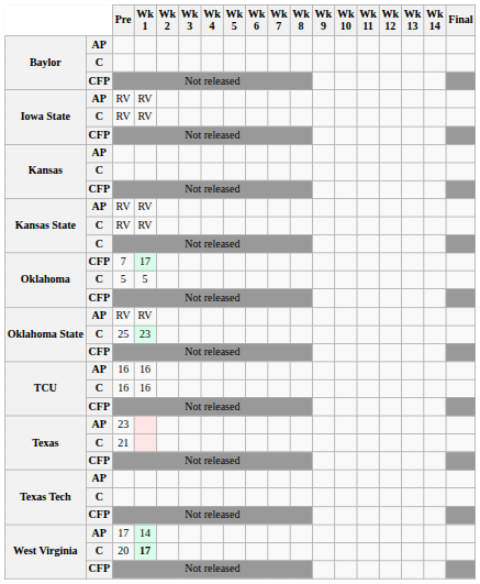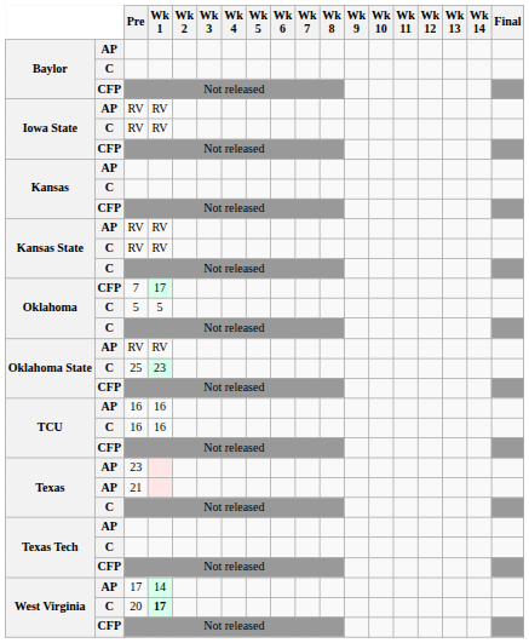 <table class="wikitable" style="white-space:nowrap;font-size:80%;">
 <tr>
 <th colspan=2 style="background:white; border-top-style:hidden; border-left-style:hidden;"> </th>
 <th>Pre</th>
 <th>Wk<br>1</th>
 <th>Wk<br>2</th>
 <th>Wk<br>3</th>
 <th>Wk<br>4</th>
 <th>Wk<br>5</th>
 <th>Wk<br>6</th>
 <th>Wk<br>7</th>
 <th>Wk<br>8</th>
 <th>Wk<br>9</th>
 <th>Wk<br>10</th>
 <th>Wk<br>11</th>
 <th>Wk<br>12</th>
 <th>Wk<br>13</th>
 <th>Wk<br>14</th>
 <th>Final</th>
 </tr>
 <tr style="text-align:center;">
 <th rowspan=3><strong>Baylor</strong></th>
 <th>AP</th>
 <td style="background:#;"></td>
 <td style="background:#;"></td>
 <td style="background:#;"></td>
 <td style="background:#;"></td>
 <td style="background:#;"></td>
 <td style="background:#;"></td>
 <td style="background:#;"></td>
 <td style="background:#;"></td>
 <td style="background:#;"></td>
 <td style="background:#;"></td>
 <td style="background:#;"></td>
 <td style="background:#;"></td>
 <td style="background:#;"></td>
 <td style="background:#;"></td>
 <td style="background:#;"></td>
 <td style="background:#;"></td>
 </tr>
 <tr style="text-align:center;">
 <th>C</th>
 <td style="background:#;"></td>
 <td style="background:#;"></td>
 <td style="background:#;"></td>
 <td style="background:#;"></td>
 <td style="background:#;"></td>
 <td style="background:#;"></td>
 <td style="background:#;"></td>
 <td style="background:#;"></td>
 <td style="background:#;"></td>
 <td style="background:#;"></td>
 <td style="background:#;"></td>
 <td style="background:#;"></td>
 <td style="background:#;"></td>
 <td style="background:#;"></td>
 <td style="background:#;"></td>
 <td style="background:#;"></td>
 </tr>
 <tr style="text-align:center;">
 <th>CFP</th>
 <td colspan=9 style="background:#999;">Not released</td>
 <td style="background:#;"></td>
 <td style="background:#;"></td>
 <td style="background:#;"></td>
 <td style="background:#;"></td>
 <td style="background:#;"></td>
 <td style="background:#;"></td>
 <td style="background:#999;"></td>
 </tr>
 <tr style="text-align:center;">
 <th rowspan=3><strong>Iowa State</strong></th>
 <th>AP</th>
 <td style="background:#;">RV</td>
 <td style="background:#;">RV</td>
 <td style="background:#;"></td>
 <td style="background:#;"></td>
 <td style="background:#;"></td>
 <td style="background:#;"></td>
 <td style="background:#;"></td>
 <td style="background:#;"></td>
 <td style="background:#;"></td>
 <td style="background:#;"></td>
 <td style="background:#;"></td>
 <td style="background:#;"></td>
 <td style="background:#;"></td>
 <td style="background:#;"></td>
 <td style="background:#;"></td>
 <td style="background:#;"></td>
 </tr>
 <tr style="text-align:center;">
 <th>C</th>
 <td style="background:#;">RV</td>
 <td style="background:#;">RV</td>
 <td style="background:#;"></td>
 <td style="background:#;"></td>
 <td style="background:#;"></td>
 <td style="background:#;"></td>
 <td style="background:#;"></td>
 <td style="background:#;"></td>
 <td style="background:#;"></td>
 <td style="background:#;"></td>
 <td style="background:#;"></td>
 <td style="background:#;"></td>
 <td style="background:#;"></td>
 <td style="background:#;"></td>
 <td style="background:#;"></td>
 <td style="background:#;"></td>
 </tr>
 <tr style="text-align:center;">
 <th>CFP</th>
 <td colspan=9 style="background:#999;">Not released</td>
 <td style="background:#;"></td>
 <td style="background:#;"></td>
 <td style="background:#;"></td>
 <td style="background:#;"></td>
 <td style="background:#;"></td>
 <td style="background:#;"></td>
 <td style="background:#999;"></td>
 </tr>
 <tr style="text-align:center;">
 <th rowspan=3><strong>Kansas</strong></th>
 <th>AP</th>
 <td style="background:#;"></td>
 <td style="background:#;"></td>
 <td style="background:#;"></td>
 <td style="background:#;"></td>
 <td style="background:#;"></td>
 <td style="background:#;"></td>
 <td style="background:#;"></td>
 <td style="background:#;"></td>
 <td style="background:#;"></td>
 <td style="background:#;"></td>
 <td style="background:#;"></td>
 <td style="background:#;"></td>
 <td style="background:#;"></td>
 <td style="background:#;"></td>
 <td style="background:#;"></td>
 <td style="background:#;"></td>
 </tr>
 <tr style="text-align:center;">
 <th>C</th>
 <td style="background:#;"></td>
 <td style="background:#;"></td>
 <td style="background:#;"></td>
 <td style="background:#;"></td>
 <td style="background:#;"></td>
 <td style="background:#;"></td>
 <td style="background:#;"></td>
 <td style="background:#;"></td>
 <td style="background:#;"></td>
 <td style="background:#;"></td>
 <td style="background:#;"></td>
 <td style="background:#;"></td>
 <td style="background:#;"></td>
 <td style="background:#;"></td>
 <td style="background:#;"></td>
 <td style="background:#;"></td>
 </tr>
 <tr style="text-align:center;">
 <th>CFP</th>
 <td colspan=9 style="background:#999;">Not released</td>
 <td style="background:#;"></td>
 <td style="background:#;"></td>
 <td style="background:#;"></td>
 <td style="background:#;"></td>
 <td style="background:#;"></td>
 <td style="background:#;"></td>
 <td style="background:#999;"></td>
 </tr>
 <tr style="text-align:center;">
 <th rowspan=3><strong>Kansas State</strong></th>
 <th>AP</th>
 <td style="background:#;">RV</td>
 <td style="background:#;">RV</td>
 <td style="background:#;"></td>
 <td style="background:#;"></td>
 <td style="background:#;"></td>
 <td style="background:#;"></td>
 <td style="background:#;"></td>
 <td style="background:#;"></td>
 <td style="background:#;"></td>
 <td style="background:#;"></td>
 <td style="background:#;"></td>
 <td style="background:#;"></td>
 <td style="background:#;"></td>
 <td style="background:#;"></td>
 <td style="background:#;"></td>
 <td style="background:#;"></td>
 </tr>
 <tr style="text-align:center;">
 <th>C</th>
 <td style="background:#;">RV</td>
 <td style="background:#;">RV</td>
 <td style="background:#;"></td>
 <td style="background:#;"></td>
 <td style="background:#;"></td>
 <td style="background:#;"></td>
 <td style="background:#;"></td>
 <td style="background:#;"></td>
 <td style="background:#;"></td>
 <td style="background:#;"></td>
 <td style="background:#;"></td>
 <td style="background:#;"></td>
 <td style="background:#;"></td>
 <td style="background:#;"></td>
 <td style="background:#;"></td>
 <td style="background:#;"></td>
 </tr>
 <tr style="text-align:center;">
 <th>C</th>
 <td colspan=9 style="background:#999;">Not released</td>
 <td style="background:#;"></td>
 <td style="background:#;"></td>
 <td style="background:#;"></td>
 <td style="background:#;"></td>
 <td style="background:#;"></td>
 <td style="background:#;"></td>
 <td style="background:#999;"></td>
 </tr>
 <tr style="text-align:center;">
 <th rowspan=3><strong>Oklahoma</strong></th>
 <th>CFP</th>
 <td style="background:#;">7</td>
 <td style="background:#D8FFEB;">17</td>
 <td style="background:#;"></td>
 <td style="background:#;"></td>
 <td style="background:#;"></td>
 <td style="background:#;"></td>
 <td style="background:#;"></td>
 <td style="background:#;"></td>
 <td style="background:#;"></td>
 <td style="background:#;"></td>
 <td style="background:#;"></td>
 <td style="background:#;"></td>
 <td style="background:#;"></td>
 <td style="background:#;"></td>
 <td style="background:#;"></td>
 <td style="background:#;"></td>
 </tr>
 <tr style="text-align:center;">
 <th>C</th>
 <td style="background:#;">5</td>
 <td style="background:#;">5</td>
 <td style="background:#;"></td>
 <td style="background:#;"></td>
 <td style="background:#;"></td>
 <td style="background:#;"></td>
 <td style="background:#;"></td>
 <td style="background:#;"></td>
 <td style="background:#;"></td>
 <td style="background:#;"></td>
 <td style="background:#;"></td>
 <td style="background:#;"></td>
 <td style="background:#;"></td>
 <td style="background:#;"></td>
 <td style="background:#;"></td>
 <td style="background:#;"></td>
 </tr>
 <tr style="text-align:center;">
-<th>CFP</th>
+<th>C</th>
 <td colspan=9 style="background:#999;">Not released</td>
 <td style="background:#;"></td>
 <td style="background:#;"></td>
 <td style="background:#;"></td>
 <td style="background:#;"></td>
 <td style="background:#;"></td>
 <td style="background:#;"></td>
 <td style="background:#999;"></td>
 </tr>
 <tr style="text-align:center;">
 <th rowspan=3><strong>Oklahoma State</strong></th>
 <th>AP</th>
 <td style="background:#;">RV</td>
 <td style="background:#;">RV</td>
 <td style="background:#;"></td>
 <td style="background:#;"></td>
 <td style="background:#;"></td>
 <td style="background:#;"></td>
 <td style="background:#;"></td>
 <td style="background:#;"></td>
 <td style="background:#;"></td>
 <td style="background:#;"></td>
 <td style="background:#;"></td>
 <td style="background:#;"></td>
 <td style="background:#;"></td>
 <td style="background:#;"></td>
 <td style="background:#;"></td>
 <td style="background:#;"></td>
 </tr>
 <tr style="text-align:center;">
 <th>C</th>
 <td style="background:#;">25</td>
 <td style="background:#D8FFEB;">23</td>
 <td style="background:#;"></td>
 <td style="background:#;"></td>
 <td style="background:#;"></td>
 <td style="background:#;"></td>
 <td style="background:#;"></td>
 <td style="background:#;"></td>
 <td style="background:#;"></td>
 <td style="background:#;"></td>
 <td style="background:#;"></td>
 <td style="background:#;"></td>
 <td style="background:#;"></td>
 <td style="background:#;"></td>
 <td style="background:#;"></td>
 <td style="background:#;"></td>
 </tr>
 <tr style="text-align:center;">
 <th>CFP</th>
 <td colspan=9 style="background:#999;">Not released</td>
 <td style="background:#;"></td>
 <td style="background:#;"></td>
 <td style="background:#;"></td>
 <td style="background:#;"></td>
 <td style="background:#;"></td>
 <td style="background:#;"></td>
 <td style="background:#999;"></td>
 </tr>
 <tr style="text-align:center;">
 <th rowspan=3><strong>TCU</strong></th>
 <th>AP</th>
 <td style="background:#;">16</td>
 <td style="background:#;">16</td>
 <td style="background:#;"></td>
 <td style="background:#;"></td>
 <td style="background:#;"></td>
 <td style="background:#;"></td>
 <td style="background:#;"></td>
 <td style="background:#;"></td>
 <td style="background:#;"></td>
 <td style="background:#;"></td>
 <td style="background:#;"></td>
 <td style="background:#;"></td>
 <td style="background:#;"></td>
 <td style="background:#;"></td>
 <td style="background:#;"></td>
 <td style="background:#;"></td>
 </tr>
 <tr style="text-align:center;">
 <th>C</th>
 <td style="background:#;">16</td>
 <td style="background:#;">16</td>
 <td style="background:#;"></td>
 <td style="background:#;"></td>
 <td style="background:#;"></td>
 <td style="background:#;"></td>
 <td style="background:#;"></td>
 <td style="background:#;"></td>
 <td style="background:#;"></td>
 <td style="background:#;"></td>
 <td style="background:#;"></td>
 <td style="background:#;"></td>
 <td style="background:#;"></td>
 <td style="background:#;"></td>
 <td style="background:#;"></td>
 <td style="background:#;"></td>
 </tr>
 <tr style="text-align:center;">
 <th>CFP</th>
 <td colspan=9 style="background:#999;">Not released</td>
 <td style="background:#;"></td>
 <td style="background:#;"></td>
 <td style="background:#;"></td>
 <td style="background:#;"></td>
 <td style="background:#;"></td>
 <td style="background:#;"></td>
 <td style="background:#999;"></td>
 </tr>
 <tr style="text-align:center;">
 <th rowspan=3><strong>Texas</strong></th>
 <th>AP</th>
 <td style="background:#;">23</td>
 <td style="background:#FFE6E6;"></td>
 <td style="background:#;"></td>
 <td style="background:#;"></td>
 <td style="background:#;"></td>
 <td style="background:#;"></td>
 <td style="background:#;"></td>
 <td style="background:#;"></td>
 <td style="background:#;"></td>
 <td style="background:#;"></td>
 <td style="background:#;"></td>
 <td style="background:#;"></td>
 <td style="background:#;"></td>
 <td style="background:#;"></td>
 <td style="background:#;"></td>
 <td style="background:#;"></td>
 </tr>
 <tr style="text-align:center;">
-<th>C</th>
+<th>AP</th>
 <td style="background:#;">21</td>
 <td style="background:#FFE6E6;"></td>
 <td style="background:#;"></td>
 <td style="background:#;"></td>
 <td style="background:#;"></td>
 <td style="background:#;"></td>
 <td style="background:#;"></td>
 <td style="background:#;"></td>
 <td style="background:#;"></td>
 <td style="background:#;"></td>
 <td style="background:#;"></td>
 <td style="background:#;"></td>
 <td style="background:#;"></td>
 <td style="background:#;"></td>
 <td style="background:#;"></td>
 <td style="background:#;"></td>
 </tr>
 <tr style="text-align:center;">
-<th>CFP</th>
+<th>C</th>
 <td colspan=9 style="background:#999;">Not released</td>
 <td style="background:#;"></td>
 <td style="background:#;"></td>
 <td style="background:#;"></td>
 <td style="background:#;"></td>
 <td style="background:#;"></td>
 <td style="background:#;"></td>
 <td style="background:#999;"></td>
 </tr>
 <tr style="text-align:center;">
 <th rowspan=3><strong>Texas Tech</strong></th>
 <th>AP</th>
 <td style="background:#;"></td>
 <td style="background:#;"></td>
 <td style="background:#;"></td>
 <td style="background:#;"></td>
 <td style="background:#;"></td>
 <td style="background:#;"></td>
 <td style="background:#;"></td>
 <td style="background:#;"></td>
 <td style="background:#;"></td>
 <td style="background:#;"></td>
 <td style="background:#;"></td>
 <td style="background:#;"></td>
 <td style="background:#;"></td>
 <td style="background:#;"></td>
 <td style="background:#;"></td>
 <td style="background:#;"></td>
 </tr>
 <tr style="text-align:center;">
 <th>C</th>
 <td style="background:#;"></td>
 <td style="background:#;"></td>
 <td style="background:#;"></td>
 <td style="background:#;"></td>
 <td style="background:#;"></td>
 <td style="background:#;"></td>
 <td style="background:#;"></td>
 <td style="background:#;"></td>
 <td style="background:#;"></td>
 <td style="background:#;"></td>
 <td style="background:#;"></td>
 <td style="background:#;"></td>
 <td style="background:#;"></td>
 <td style="background:#;"></td>
 <td style="background:#;"></td>
 <td style="background:#;"></td>
 </tr>
 <tr style="text-align:center;">
 <th>CFP</th>
 <td colspan=9 style="background:#999;">Not released</td>
 <td style="background:#;"></td>
 <td style="background:#;"></td>
 <td style="background:#;"></td>
 <td style="background:#;"></td>
 <td style="background:#;"></td>
 <td style="background:#;"></td>
 <td style="background:#999;"></td>
 </tr>
 <tr style="text-align:center;">
 <th rowspan=3><strong>West Virginia</strong></th>
 <th>AP</th>
 <td style="background:#;">17</td>
 <td style="background:#D8FFEB;">14</td>
 <td style="background:#;"></td>
 <td style="background:#;"></td>
 <td style="background:#;"></td>
 <td style="background:#;"></td>
 <td style="background:#;"></td>
 <td style="background:#;"></td>
 <td style="background:#;"></td>
 <td style="background:#;"></td>
 <td style="background:#;"></td>
 <td style="background:#;"></td>
 <td style="background:#;"></td>
 <td style="background:#;"></td>
 <td style="background:#;"></td>
 <td style="background:#;"></td>
 </tr>
 <tr style="text-align:center;">
 <th>C</th>
 <td style="background:#;">20</td>
 <td style="background:#D8FFEB;"><strong>17</strong></td>
 <td style="background:#;"></td>
 <td style="background:#;"></td>
 <td style="background:#;"></td>
 <td style="background:#;"></td>
 <td style="background:#;"></td>
 <td style="background:#;"></td>
 <td style="background:#;"></td>
 <td style="background:#;"></td>
 <td style="background:#;"></td>
 <td style="background:#;"></td>
 <td style="background:#;"></td>
 <td style="background:#;"></td>
 <td style="background:#;"></td>
 <td style="background:#;"></td>
 </tr>
 <tr style="text-align:center;">
 <th>CFP</th>
 <td colspan=9 style="background:#999;">Not released</td>
 <td style="background:#;"></td>
 <td style="background:#;"></td>
 <td style="background:#;"></td>
 <td style="background:#;"></td>
 <td style="background:#;"></td>
 <td style="background:#;"></td>
 <td style="background:#999;"></td>
 </tr>
 </table>
